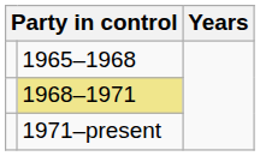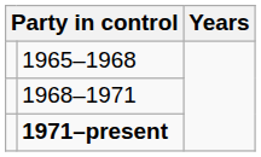 <table class="wikitable">
 <tr>
 <th colspan=2>Party in control</th>
 <th>Years</th>
 </tr>
 <tr>
 <td></td>
 <td>1965–1968</td>
 </tr>
 <tr>
 <td></td>
-<td style="background: khaki;">1968–1971</td>
+<td>1968–1971</td>
 </tr>
 <tr>
 <td></td>
-<td>1971–present</td>
+<td><strong>1971–present</strong></td>
 </tr>
 </table>
